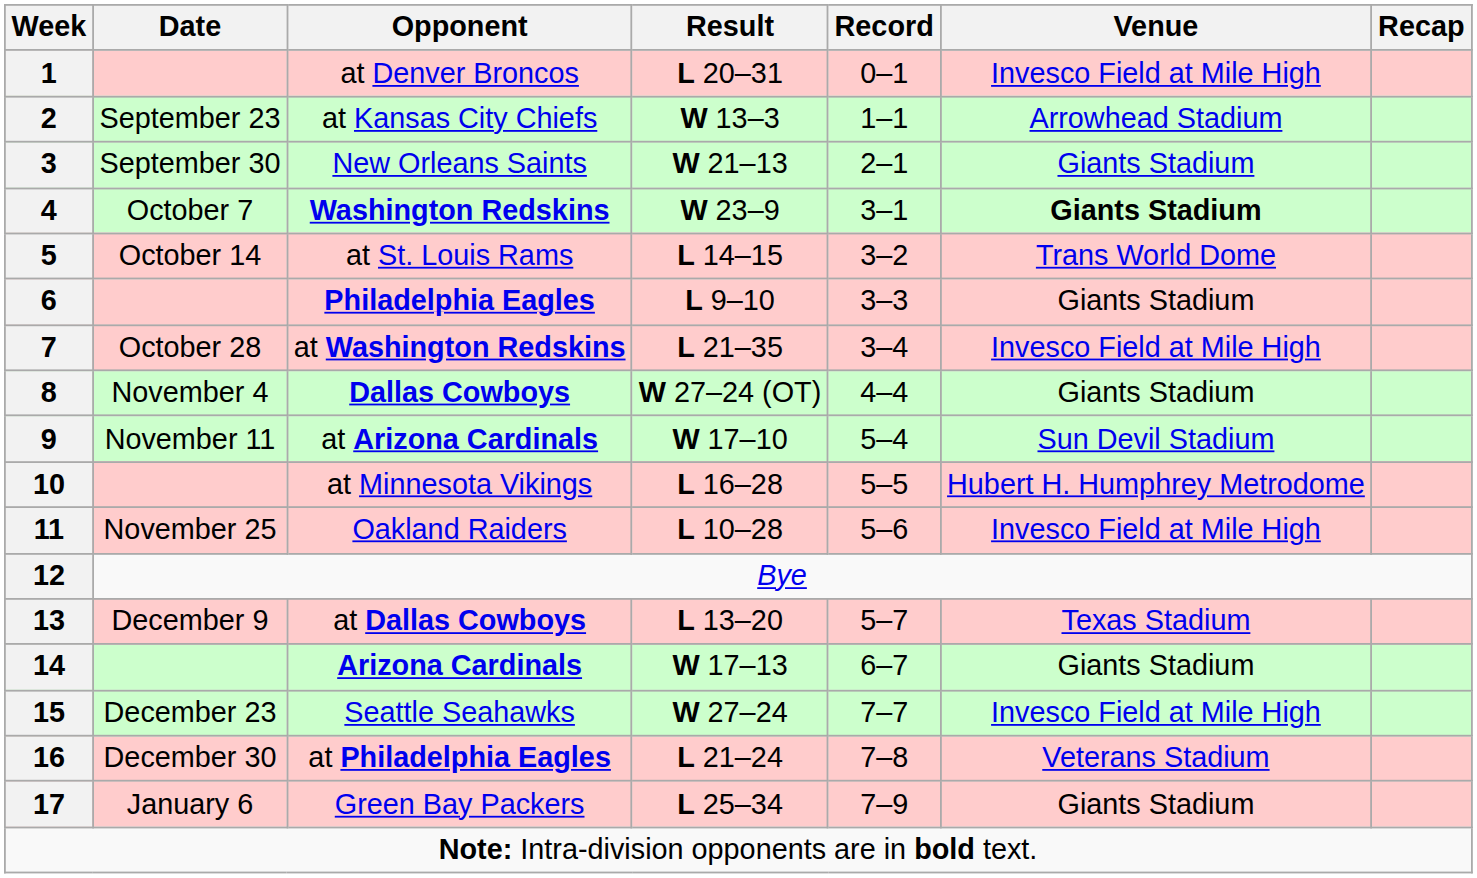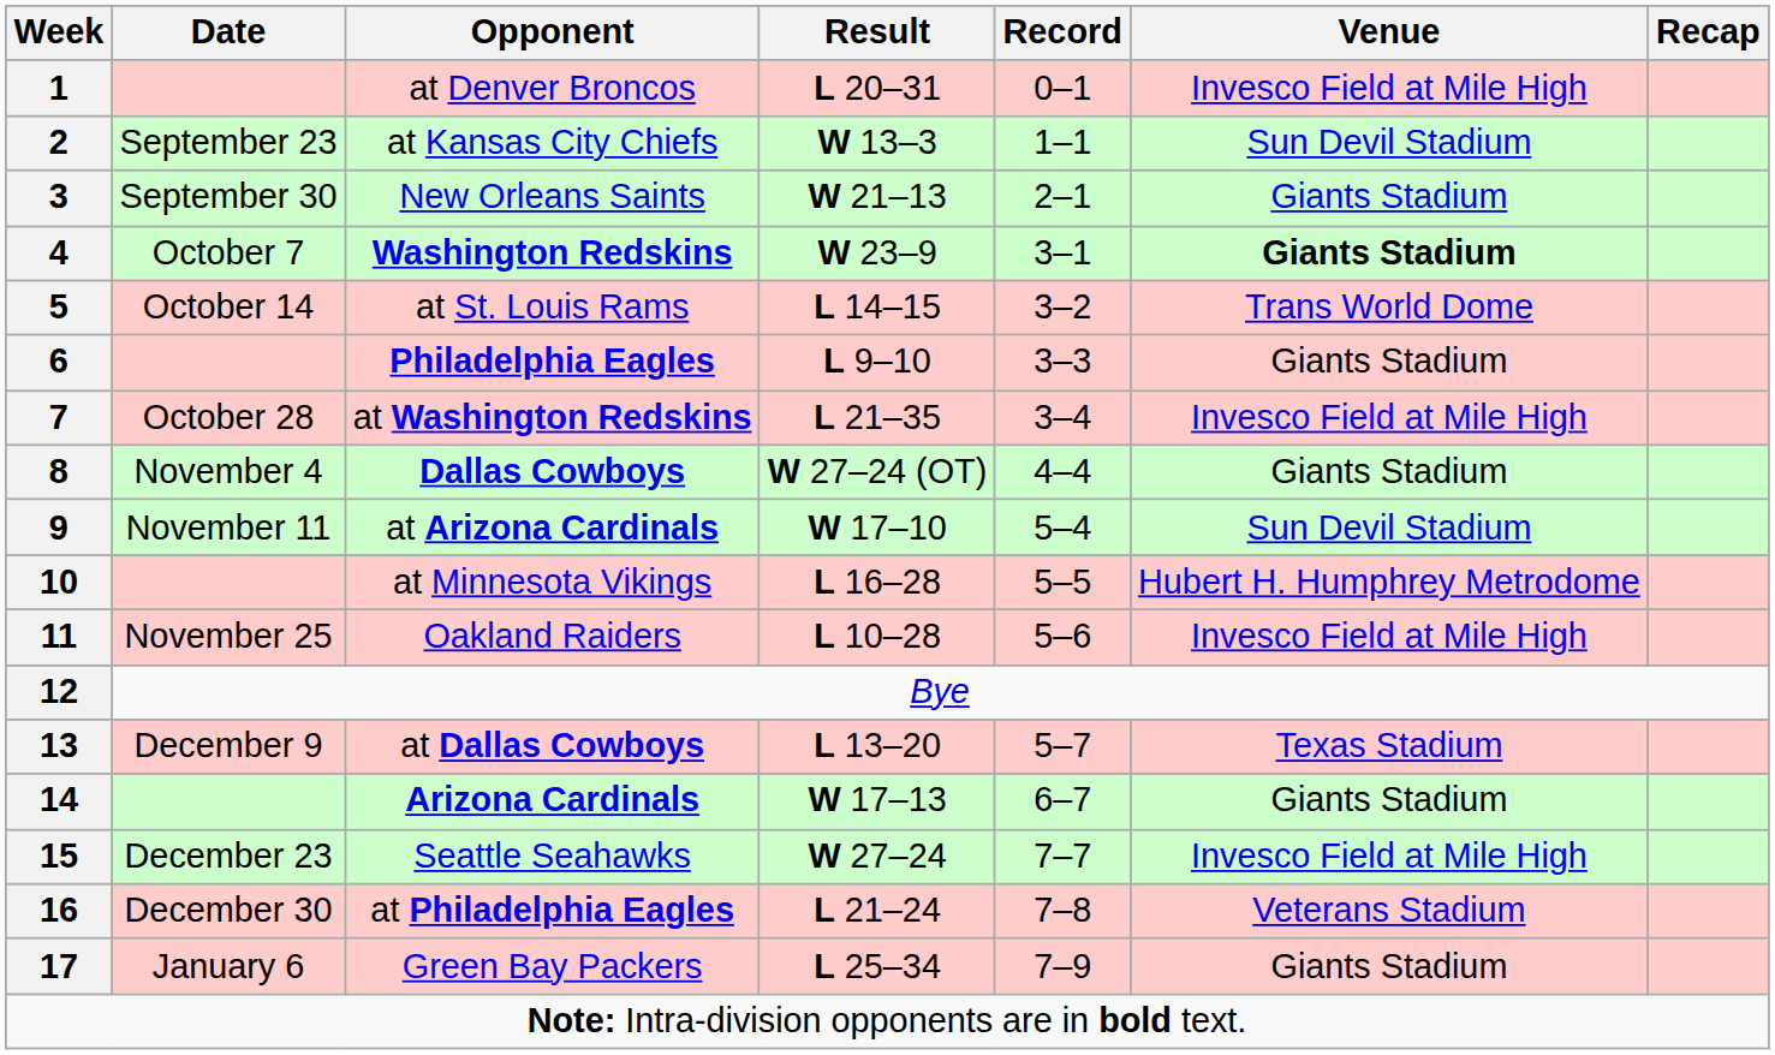 <table class="wikitable" style="text-align:center">
 <tr>
 <th>Week</th>
 <th>Date</th>
 <th>Opponent</th>
 <th>Result</th>
 <th>Record</th>
 <th>Venue</th>
 <th>Recap</th>
 </tr>
 <tr style="background:#fcc">
 <th>1</th>
 <td></td>
 <td>at <a href='#'>Denver Broncos</a></td>
 <td><strong>L</strong>  20–31</td>
 <td>0–1</td>
 <td><a href='#'>Invesco Field at Mile High</a></td>
 <td></td>
 </tr>
 <tr style="background:#cfc">
 <th>2</th>
 <td>September 23</td>
 <td>at <a href='#'>Kansas City Chiefs</a></td>
 <td><strong>W</strong> 13–3</td>
 <td>1–1</td>
-<td><a href='#'>Arrowhead Stadium</a></td>
+<td><a href='#'>Sun Devil Stadium</a></td>
 <td></td>
 </tr>
 <tr style="background:#cfc">
 <th>3</th>
 <td>September 30</td>
 <td><a href='#'>New Orleans Saints</a></td>
 <td><strong>W</strong> 21–13</td>
 <td>2–1</td>
 <td><a href='#'>Giants Stadium</a></td>
 <td></td>
 </tr>
 <tr style="background:#cfc">
 <th>4</th>
 <td>October 7</td>
 <td><strong><a href='#'>Washington Redskins</a></strong></td>
 <td><strong>W</strong>  23–9</td>
 <td>3–1</td>
 <td><strong>Giants Stadium</strong></td>
 <td></td>
 </tr>
 <tr style="background:#fcc">
 <th>5</th>
 <td>October 14</td>
 <td>at <a href='#'>St. Louis Rams</a></td>
 <td><strong>L</strong> 14–15</td>
 <td>3–2</td>
 <td><a href='#'>Trans World Dome</a></td>
 <td></td>
 </tr>
 <tr style="background:#fcc">
 <th>6</th>
 <td></td>
 <td><strong><a href='#'>Philadelphia Eagles</a></strong></td>
 <td><strong>L</strong>  9–10</td>
 <td>3–3</td>
 <td>Giants Stadium</td>
 <td></td>
 </tr>
 <tr style="background:#fcc">
 <th>7</th>
 <td>October 28</td>
 <td>at <strong><a href='#'>Washington Redskins</a></strong></td>
 <td><strong>L</strong> 21–35</td>
 <td>3–4</td>
 <td><a href='#'>Invesco Field at Mile High</a></td>
 <td></td>
 </tr>
 <tr style="background:#cfc">
 <th>8</th>
 <td>November 4</td>
 <td><strong><a href='#'>Dallas Cowboys</a></strong></td>
 <td><strong>W</strong> 27–24 (OT)</td>
 <td>4–4</td>
 <td>Giants Stadium</td>
 <td></td>
 </tr>
 <tr style="background:#cfc">
 <th>9</th>
 <td>November 11</td>
 <td>at <strong><a href='#'>Arizona Cardinals</a></strong></td>
 <td><strong>W</strong> 17–10</td>
 <td>5–4</td>
 <td><a href='#'>Sun Devil Stadium</a></td>
 <td></td>
 </tr>
 <tr style="background:#fcc">
 <th>10</th>
 <td></td>
 <td>at <a href='#'>Minnesota Vikings</a></td>
 <td><strong>L</strong> 16–28</td>
 <td>5–5</td>
 <td><a href='#'>Hubert H. Humphrey Metrodome</a></td>
 <td></td>
 </tr>
 <tr style="background:#fcc">
 <th>11</th>
 <td>November 25</td>
 <td><a href='#'>Oakland Raiders</a></td>
 <td><strong>L</strong> 10–28</td>
 <td>5–6</td>
 <td><a href='#'>Invesco Field at Mile High</a></td>
 <td></td>
 </tr>
 <tr align="center" bgcolor="">
 <th>12</th>
 <td align="center" colspan="6"><em><a href='#'>Bye</a></em></td>
 </tr>
 <tr style="background:#fcc">
 <th>13</th>
 <td>December 9</td>
 <td>at <strong><a href='#'>Dallas Cowboys</a></strong></td>
 <td><strong>L</strong> 13–20</td>
 <td>5–7</td>
 <td><a href='#'>Texas Stadium</a></td>
 <td></td>
 </tr>
 <tr style="background:#cfc">
 <th>14</th>
 <td></td>
 <td><strong><a href='#'>Arizona Cardinals</a></strong></td>
 <td><strong>W</strong> 17–13</td>
 <td>6–7</td>
 <td>Giants Stadium</td>
 <td></td>
 </tr>
 <tr style="background:#cfc">
 <th>15</th>
 <td>December 23</td>
 <td><a href='#'>Seattle Seahawks</a></td>
 <td><strong>W</strong> 27–24</td>
 <td>7–7</td>
 <td><a href='#'>Invesco Field at Mile High</a></td>
 <td></td>
 </tr>
 <tr style="background:#fcc">
 <th>16</th>
 <td>December 30</td>
 <td>at <strong><a href='#'>Philadelphia Eagles</a></strong></td>
 <td><strong>L</strong>  21–24</td>
 <td>7–8</td>
 <td><a href='#'>Veterans Stadium</a></td>
 <td></td>
 </tr>
 <tr style="background:#fcc">
 <th>17</th>
 <td>January 6</td>
 <td><a href='#'>Green Bay Packers</a></td>
 <td><strong>L</strong> 25–34</td>
 <td>7–9</td>
 <td>Giants Stadium</td>
 <td></td>
 </tr>
 <tr>
 <td colspan="8"><strong>Note:</strong> Intra-division opponents are in <strong>bold</strong> text.</td>
 </tr>
 </table>
